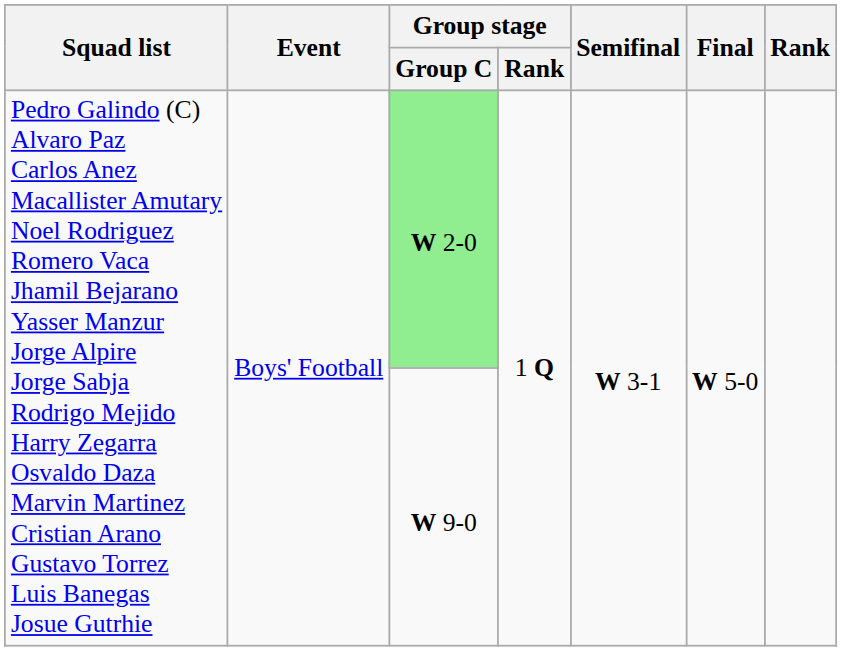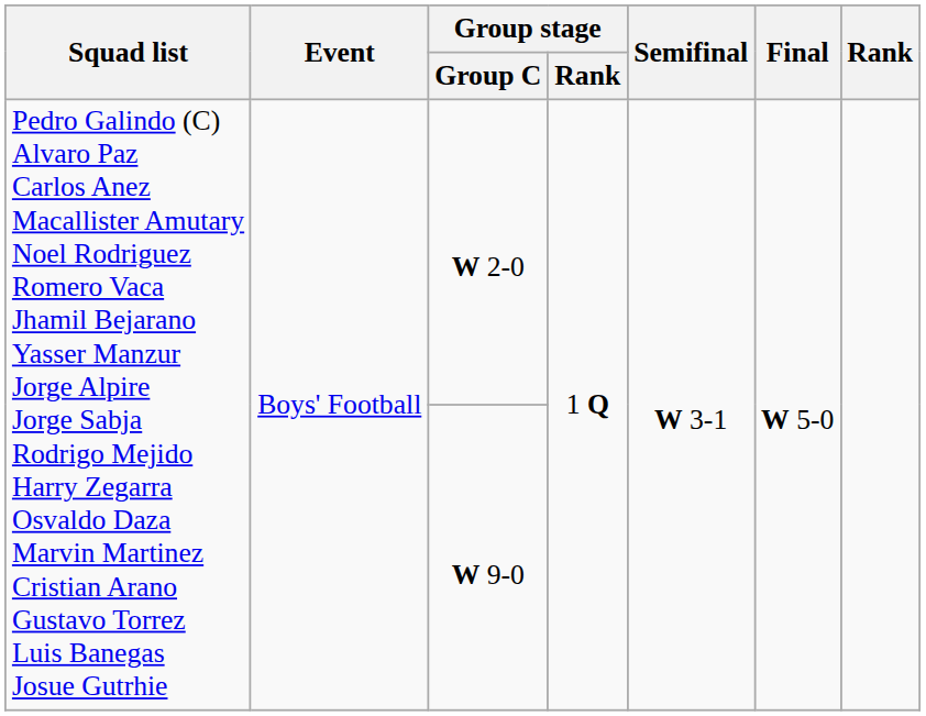 <table class=wikitable style="font-size:90%">
 <tr>
 <th rowspan=2>Squad list</th>
 <th rowspan=2>Event</th>
 <th colspan=2>Group stage</th>
 <th rowspan=2>Semifinal</th>
 <th rowspan=2>Final</th>
 <th rowspan=2>Rank</th>
 </tr>
 <tr>
 <th>Group C</th>
 <th>Rank</th>
 </tr>
 <tr>
 <td rowspan=2><a href='#'>Pedro Galindo</a> (C)<br><a href='#'>Alvaro Paz</a><br><a href='#'>Carlos Anez</a><br><a href='#'>Macallister Amutary</a><br><a href='#'>Noel Rodriguez</a><br><a href='#'>Romero Vaca</a><br><a href='#'>Jhamil Bejarano</a><br><a href='#'>Yasser Manzur</a><br><a href='#'>Jorge Alpire</a><br><a href='#'>Jorge Sabja</a><br><a href='#'>Rodrigo Mejido</a><br><a href='#'>Harry Zegarra</a><br><a href='#'>Osvaldo Daza</a><br><a href='#'>Marvin Martinez</a><br><a href='#'>Cristian Arano</a><br><a href='#'>Gustavo Torrez</a><br><a href='#'>Luis Banegas</a><br><a href='#'>Josue Gutrhie</a></td>
 <td rowspan=2><a href='#'>Boys' Football</a></td>
-<td align=center style="background: lightgreen;"><br> <strong>W</strong> 2-0</td>
+<td align=center><br> <strong>W</strong> 2-0</td>
 <td rowspan=2 align=center>1 <strong>Q</strong></td>
 <td rowspan=2 align=center><br> <strong>W</strong> 3-1</td>
 <td rowspan=2 align=center><br> <strong>W</strong> 5-0</td>
 <td rowspan=2 align=center></td>
 </tr>
 <tr>
 <td align=center><br> <strong>W</strong> 9-0</td>
 </tr>
 </table>
